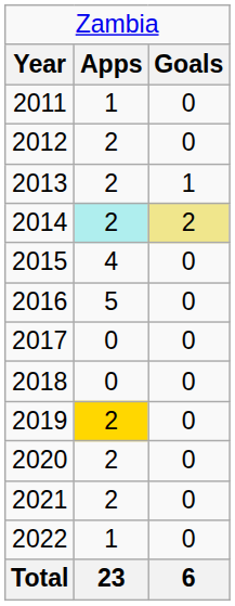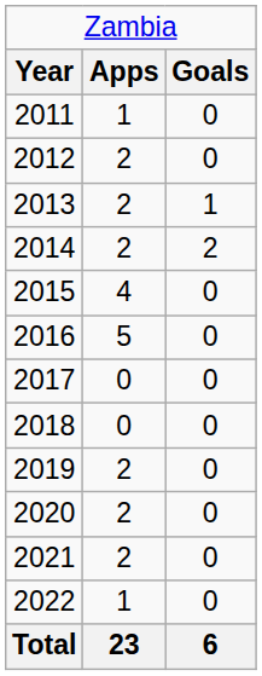 <table class="wikitable" style="text-align:center">
 <tr>
 <td colspan=3><a href='#'>Zambia</a></td>
 </tr>
 <tr>
 <th>Year</th>
 <th>Apps</th>
 <th>Goals</th>
 </tr>
 <tr>
 <td>2011</td>
 <td>1</td>
 <td>0</td>
 </tr>
 <tr>
 <td>2012</td>
 <td>2</td>
 <td>0</td>
 </tr>
 <tr>
 <td>2013</td>
 <td>2</td>
 <td>1</td>
 </tr>
 <tr>
 <td>2014</td>
-<td style="background: paleturquoise;">2</td>
-<td style="background: khaki;">2</td>
+<td>2</td>
+<td>2</td>
 </tr>
 <tr>
 <td>2015</td>
 <td>4</td>
 <td>0</td>
 </tr>
 <tr>
 <td>2016</td>
 <td>5</td>
 <td>0</td>
 </tr>
 <tr>
 <td>2017</td>
 <td>0</td>
 <td>0</td>
 </tr>
 <tr>
 <td>2018</td>
 <td>0</td>
 <td>0</td>
 </tr>
 <tr>
 <td>2019</td>
-<td style="background: gold;">2</td>
+<td>2</td>
 <td>0</td>
 </tr>
 <tr>
 <td>2020</td>
 <td>2</td>
 <td>0</td>
 </tr>
 <tr>
 <td>2021</td>
 <td>2</td>
 <td>0</td>
 </tr>
 <tr>
 <td>2022</td>
 <td>1</td>
 <td>0</td>
 </tr>
 <tr>
 <th>Total</th>
 <th>23</th>
 <th>6</th>
 </tr>
 </table>
